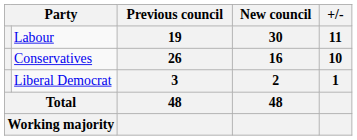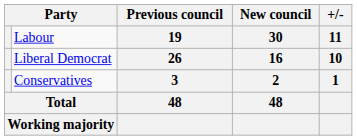 <table class="wikitable">
 <tr>
 <th valign=top colspan="2" style="width: 100px">Party</th>
 <th valign=top style="width: 126px">Previous council</th>
 <th valign=top style="width: 94px">New council</th>
 <th valign=top style="width: 30px">+/-</th>
 </tr>
 <tr>
 <th style="background-color: "></th>
 <td><a href='#'>Labour</a></td>
 <th align=center>19</th>
 <th align=center><strong>30</strong></th>
 <th align=center>11</th>
 </tr>
 <tr>
 <th style="background-color: "></th>
-<td><a href='#'>Conservatives</a></td>
+<td><a href='#'>Liberal Democrat</a></td>
 <th align=center><strong>26</strong></th>
 <th align=center>16</th>
 <th align=center>10</th>
 </tr>
 <tr>
 <th style="background-color: "></th>
-<td><a href='#'>Liberal Democrat</a></td>
+<td><a href='#'>Conservatives</a></td>
 <th align=center>3</th>
 <th align=center>2</th>
 <th align=center>1</th>
 </tr>
 <tr>
 <th colspan=2>Total</th>
 <th style="text-align: center">48</th>
 <th style="text-align: center">48</th>
 <th></th>
 </tr>
 <tr>
 <th colspan=2>Working majority</th>
 <th></th>
 <th></th>
 <th></th>
 </tr>
 </table>
